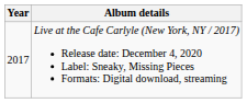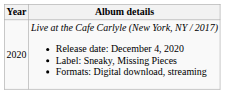 <table class="wikitable" style="text-align:center;">
 <tr>
 <th>Year</th>
 <th>Album details</th>
 </tr>
 <tr>
-<td>2017</td>
+<td>2020</td>
 <td style="text-align:left;"><em>Live at the Cafe Carlyle (New York, NY / 2017)</em><br><ul><li>Release date: December 4, 2020</li><li>Label: Sneaky, Missing Pieces</li><li>Formats: Digital download, streaming</li></ul></td>
 </tr>
 </table>
